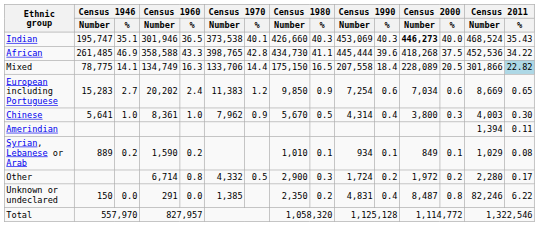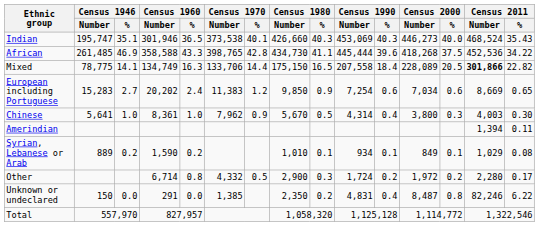 <table class="wikitable" style="text-align: right;">
 <tr bgcolor="#e0e0e0">
 <th width="100pt" rowspan="2">Ethnic<br>group</th>
 <th colspan="2">Census 1946</th>
 <th colspan="2">Census 1960</th>
 <th colspan="2">Census 1970</th>
 <th colspan="2">Census 1980</th>
 <th colspan="2">Census 1990</th>
 <th colspan="2">Census 2000</th>
 <th colspan="2">Census 2011 </th>
 </tr>
 <tr bgcolor="#e0e0e0">
 <th>Number</th>
 <th>%</th>
 <th>Number</th>
 <th>%</th>
 <th>Number</th>
 <th>%</th>
 <th>Number</th>
 <th>%</th>
 <th>Number</th>
 <th>%</th>
 <th>Number</th>
 <th>%</th>
 <th>Number</th>
 <th>%</th>
 </tr>
 <tr>
 <td align=left><a href='#'>Indian</a></td>
 <td>195,747</td>
 <td>35.1</td>
 <td>301,946</td>
 <td>36.5</td>
 <td>373,538</td>
 <td>40.1</td>
 <td>426,660</td>
 <td>40.3</td>
 <td>453,069</td>
 <td>40.3</td>
-<td><strong>446,273</strong></td>
+<td>446,273</td>
 <td>40.0</td>
 <td>468,524</td>
 <td>35.43</td>
 </tr>
 <tr>
 <td align=left><a href='#'>African</a></td>
 <td>261,485</td>
 <td>46.9</td>
 <td>358,588</td>
 <td>43.3</td>
 <td>398,765</td>
 <td>42.8</td>
 <td>434,730</td>
 <td>41.1</td>
 <td>445,444</td>
 <td>39.6</td>
 <td>418,268</td>
 <td>37.5</td>
 <td>452,536</td>
 <td>34.22</td>
 </tr>
 <tr>
 <td align=left>Mixed</td>
 <td>78,775</td>
 <td>14.1</td>
 <td>134,749</td>
 <td>16.3</td>
 <td>133,706</td>
 <td>14.4</td>
 <td>175,150</td>
 <td>16.5</td>
 <td>207,558</td>
 <td>18.4</td>
 <td>228,089</td>
 <td>20.5</td>
-<td>301,866</td>
-<td style="background: lightblue;">22.82</td>
+<td><strong>301,866</strong></td>
+<td>22.82</td>
 </tr>
 <tr>
 <td align=left><a href='#'>European</a> including <a href='#'>Portuguese</a></td>
 <td>15,283</td>
 <td>2.7</td>
 <td>20,202</td>
 <td>2.4</td>
 <td>11,383</td>
 <td>1.2</td>
 <td>9,850</td>
 <td>0.9</td>
 <td>7,254</td>
 <td>0.6</td>
 <td>7,034</td>
 <td>0.6</td>
 <td>8,669</td>
 <td>0.65</td>
 </tr>
 <tr>
 <td align=left><a href='#'>Chinese</a></td>
 <td>5,641</td>
 <td>1.0</td>
 <td>8,361</td>
 <td>1.0</td>
 <td>7,962</td>
 <td>0.9</td>
 <td>5,670</td>
 <td>0.5</td>
 <td>4,314</td>
 <td>0.4</td>
 <td>3,800</td>
 <td>0.3</td>
 <td>4,003</td>
 <td>0.30</td>
 </tr>
 <tr>
 <td align=left><a href='#'>Amerindian</a></td>
 <td></td>
 <td></td>
 <td></td>
 <td></td>
 <td></td>
 <td></td>
 <td></td>
 <td></td>
 <td></td>
 <td></td>
 <td></td>
 <td></td>
 <td>1,394</td>
 <td>0.11</td>
 </tr>
 <tr>
 <td align=left><a href='#'>Syrian</a>, <a href='#'>Lebanese</a> or <a href='#'>Arab</a></td>
 <td>889</td>
 <td>0.2</td>
 <td>1,590</td>
 <td>0.2</td>
 <td></td>
 <td></td>
 <td>1,010</td>
 <td>0.1</td>
 <td>934</td>
 <td>0.1</td>
 <td>849</td>
 <td>0.1</td>
 <td>1,029</td>
 <td>0.08</td>
 </tr>
 <tr>
 <td align=left>Other</td>
 <td></td>
 <td></td>
 <td>6,714</td>
 <td>0.8</td>
 <td>4,332</td>
 <td>0.5</td>
 <td>2,900</td>
 <td>0.3</td>
 <td>1,724</td>
 <td>0.2</td>
 <td>1,972</td>
 <td>0.2</td>
 <td>2,280</td>
 <td>0.17</td>
 </tr>
 <tr>
 <td align=left>Unknown or undeclared</td>
 <td>150</td>
 <td>0.0</td>
 <td>291</td>
 <td>0.0</td>
 <td>1,385</td>
 <td></td>
 <td>2,350</td>
 <td>0.2</td>
 <td>4,831</td>
 <td>0.4</td>
 <td>8,487</td>
 <td>0.8</td>
 <td>82,246</td>
 <td>6.22</td>
 </tr>
 <tr>
 <td align=left>Total</td>
 <td colspan="2">557,970</td>
 <td colspan="2">827,957</td>
 <td colspan="2"></td>
 <td colspan="2">1,058,320</td>
 <td colspan="2">1,125,128</td>
 <td colspan="2">1,114,772</td>
 <td colspan="2">1,322,546</td>
 </tr>
 </table>
